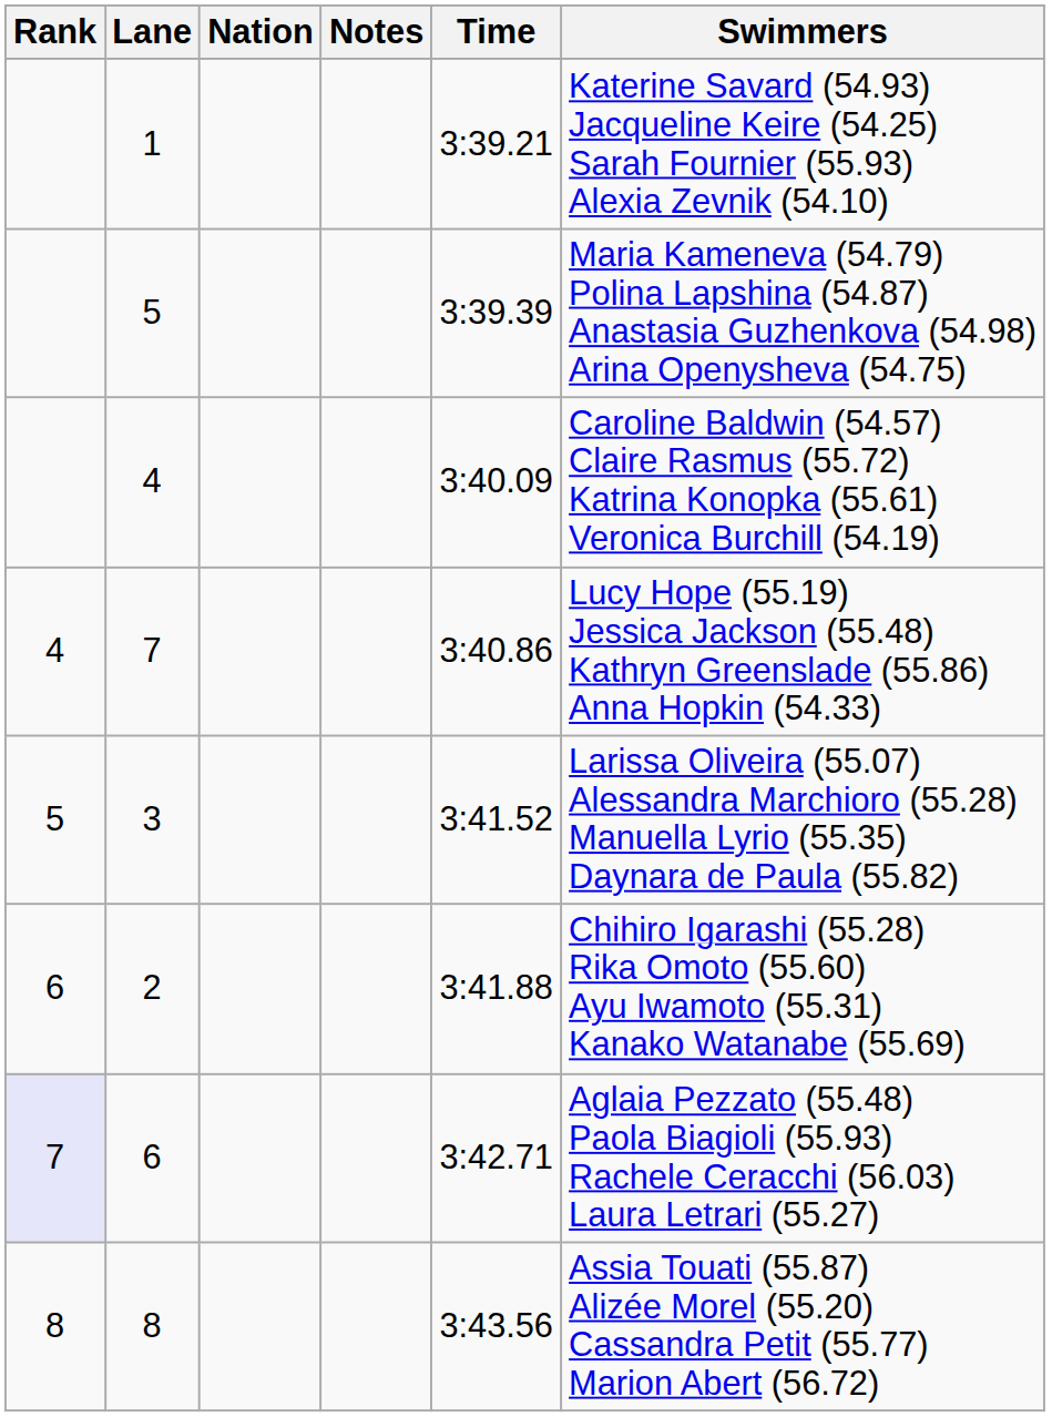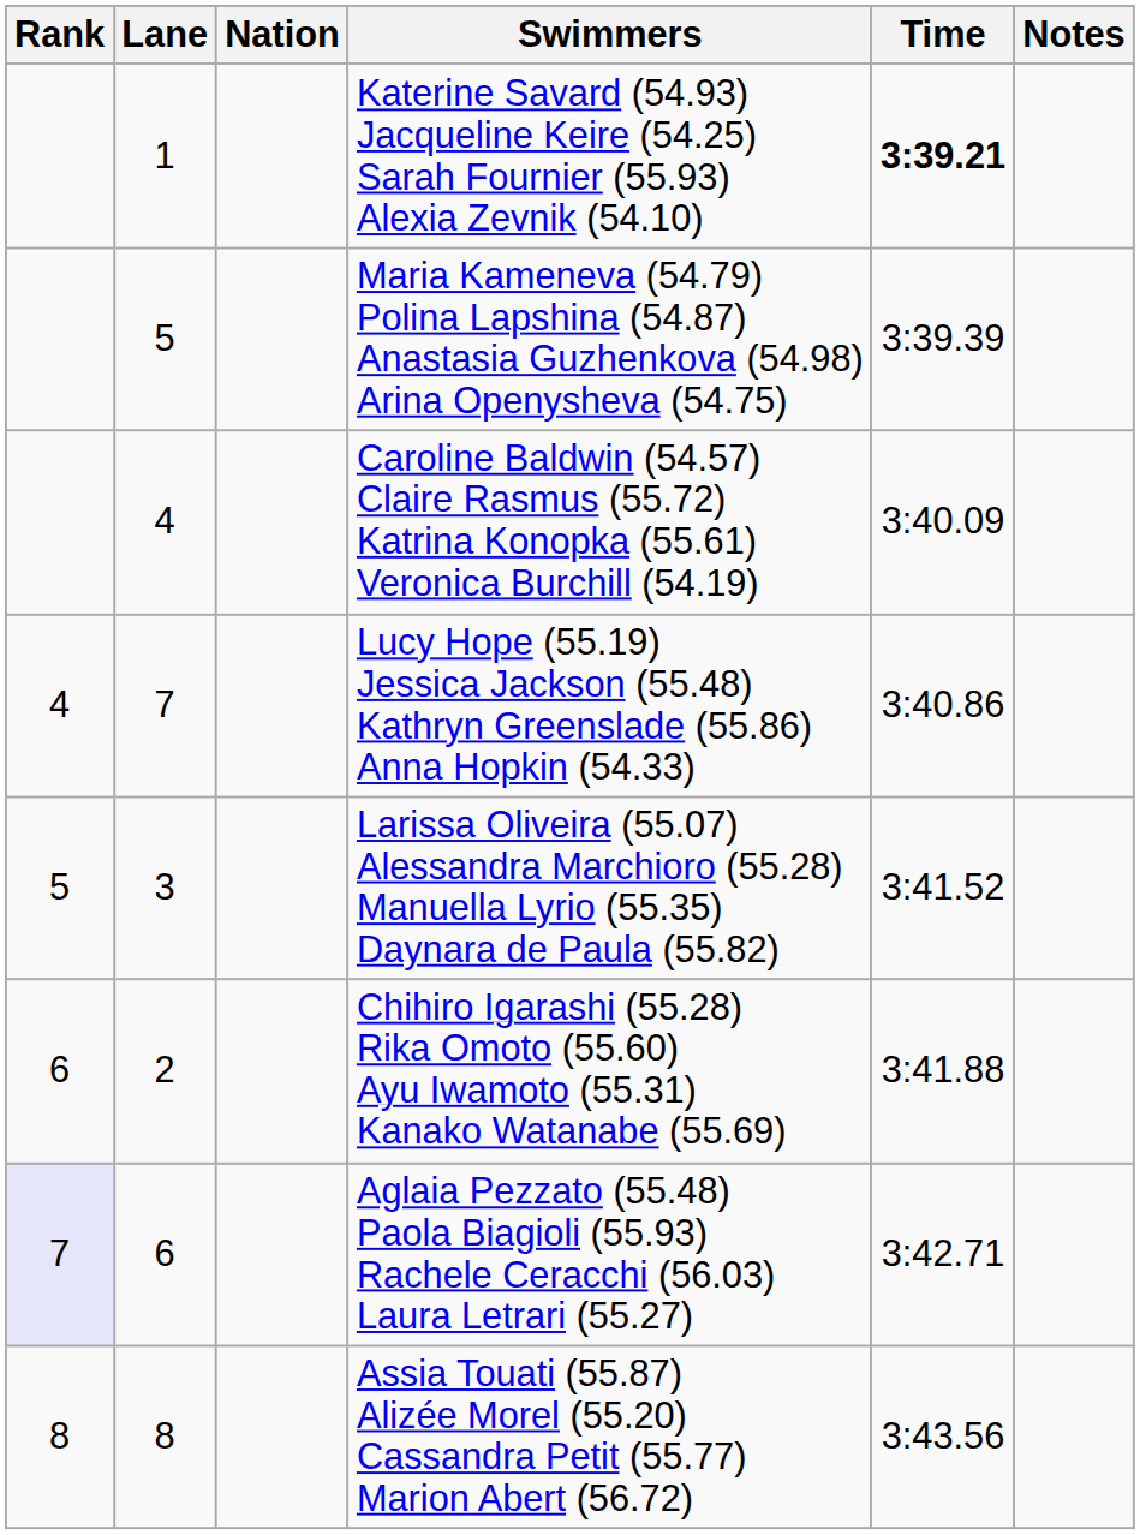 <table class="wikitable sortable" style="text-align:center">
 <tr>
 <th>Rank</th>
 <th>Lane</th>
 <th>Nation</th>
+<th>Swimmers</th>
+<th>Time</th>
 <th>Notes</th>
-<th>Time</th>
-<th>Swimmers</th>
 </tr>
 <tr>
 <td></td>
 <td>1</td>
 <td align="left"></td>
+<td align=left><a href='#'>Katerine Savard</a> (54.93)<br><a href='#'>Jacqueline Keire</a> (54.25)<br><a href='#'>Sarah Fournier</a> (55.93)<br><a href='#'>Alexia Zevnik</a> (54.10)</td>
+<td><strong>3:39.21</strong></td>
 <td></td>
-<td>3:39.21</td>
-<td align=left><a href='#'>Katerine Savard</a> (54.93)<br><a href='#'>Jacqueline Keire</a> (54.25)<br><a href='#'>Sarah Fournier</a> (55.93)<br><a href='#'>Alexia Zevnik</a> (54.10)</td>
 </tr>
 <tr>
 <td></td>
 <td>5</td>
 <td align=left></td>
+<td align=left><a href='#'>Maria Kameneva</a> (54.79)<br><a href='#'>Polina Lapshina</a> (54.87)<br><a href='#'>Anastasia Guzhenkova</a> (54.98)<br><a href='#'>Arina Openysheva</a> (54.75)</td>
+<td>3:39.39</td>
 <td></td>
-<td>3:39.39</td>
-<td align=left><a href='#'>Maria Kameneva</a> (54.79)<br><a href='#'>Polina Lapshina</a> (54.87)<br><a href='#'>Anastasia Guzhenkova</a> (54.98)<br><a href='#'>Arina Openysheva</a> (54.75)</td>
 </tr>
 <tr>
 <td></td>
 <td>4</td>
 <td align=left></td>
+<td align=left><a href='#'>Caroline Baldwin</a> (54.57)<br><a href='#'>Claire Rasmus</a> (55.72)<br><a href='#'>Katrina Konopka</a> (55.61)<br><a href='#'>Veronica Burchill</a> (54.19)<br></td>
+<td>3:40.09</td>
 <td></td>
-<td>3:40.09</td>
-<td align=left><a href='#'>Caroline Baldwin</a> (54.57)<br><a href='#'>Claire Rasmus</a> (55.72)<br><a href='#'>Katrina Konopka</a> (55.61)<br><a href='#'>Veronica Burchill</a> (54.19)<br></td>
 </tr>
 <tr>
 <td>4</td>
 <td>7</td>
 <td align=left></td>
+<td align=left><a href='#'>Lucy Hope</a> (55.19)<br><a href='#'>Jessica Jackson</a> (55.48)<br><a href='#'>Kathryn Greenslade</a> (55.86)<br><a href='#'>Anna Hopkin</a> (54.33)</td>
+<td>3:40.86</td>
 <td></td>
-<td>3:40.86</td>
-<td align=left><a href='#'>Lucy Hope</a> (55.19)<br><a href='#'>Jessica Jackson</a> (55.48)<br><a href='#'>Kathryn Greenslade</a> (55.86)<br><a href='#'>Anna Hopkin</a> (54.33)</td>
 </tr>
 <tr>
 <td>5</td>
 <td>3</td>
 <td align=left></td>
+<td align=left><a href='#'>Larissa Oliveira</a> (55.07)<br><a href='#'>Alessandra Marchioro</a> (55.28)<br><a href='#'>Manuella Lyrio</a> (55.35)<br><a href='#'>Daynara de Paula</a> (55.82)</td>
+<td>3:41.52</td>
 <td></td>
-<td>3:41.52</td>
-<td align=left><a href='#'>Larissa Oliveira</a> (55.07)<br><a href='#'>Alessandra Marchioro</a> (55.28)<br><a href='#'>Manuella Lyrio</a> (55.35)<br><a href='#'>Daynara de Paula</a> (55.82)</td>
 </tr>
 <tr>
 <td>6</td>
 <td>2</td>
 <td align=left></td>
+<td align=left><a href='#'>Chihiro Igarashi</a> (55.28)<br><a href='#'>Rika Omoto</a> (55.60)<br><a href='#'>Ayu Iwamoto</a> (55.31)<br><a href='#'>Kanako Watanabe</a> (55.69)</td>
+<td>3:41.88</td>
 <td></td>
-<td>3:41.88</td>
-<td align=left><a href='#'>Chihiro Igarashi</a> (55.28)<br><a href='#'>Rika Omoto</a> (55.60)<br><a href='#'>Ayu Iwamoto</a> (55.31)<br><a href='#'>Kanako Watanabe</a> (55.69)</td>
 </tr>
 <tr>
 <td style="background: lavender;">7</td>
 <td>6</td>
 <td align=left></td>
+<td align=left><a href='#'>Aglaia Pezzato</a> (55.48)<br><a href='#'>Paola Biagioli</a> (55.93)<br><a href='#'>Rachele Ceracchi</a> (56.03)<br><a href='#'>Laura Letrari</a> (55.27)</td>
+<td>3:42.71</td>
 <td></td>
-<td>3:42.71</td>
-<td align=left><a href='#'>Aglaia Pezzato</a> (55.48)<br><a href='#'>Paola Biagioli</a> (55.93)<br><a href='#'>Rachele Ceracchi</a> (56.03)<br><a href='#'>Laura Letrari</a> (55.27)</td>
 </tr>
 <tr>
 <td>8</td>
 <td>8</td>
 <td align=left></td>
+<td align=left><a href='#'>Assia Touati</a> (55.87)<br><a href='#'>Alizée Morel</a> (55.20)<br><a href='#'>Cassandra Petit</a> (55.77)<br> <a href='#'>Marion Abert</a> (56.72)</td>
+<td>3:43.56</td>
 <td></td>
-<td>3:43.56</td>
-<td align=left><a href='#'>Assia Touati</a> (55.87)<br><a href='#'>Alizée Morel</a> (55.20)<br><a href='#'>Cassandra Petit</a> (55.77)<br> <a href='#'>Marion Abert</a> (56.72)</td>
 </tr>
 </table>
